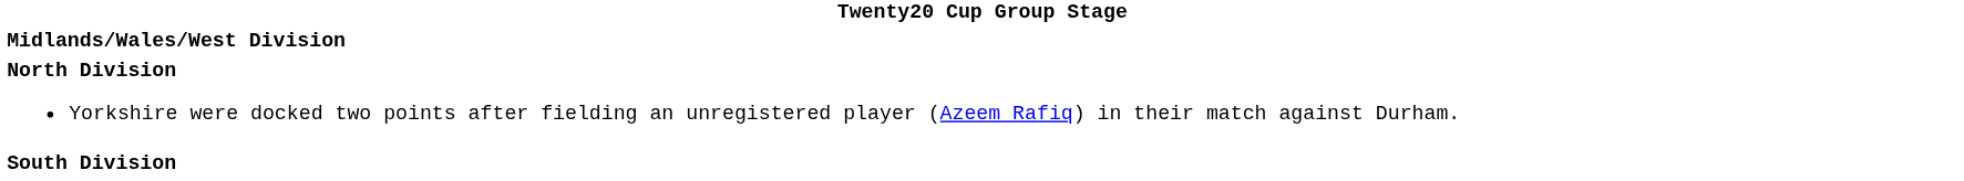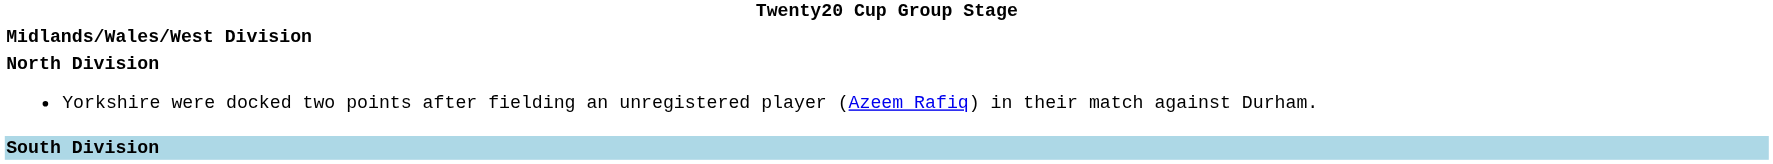 <table class="toccolours collapsible collapsed" width=100%>
 <tr>
 <th colspan="1"><strong>Twenty20 Cup Group Stage</strong></th>
 </tr>
 <tr>
 <td colspan="1"><strong>Midlands/Wales/West Division</strong><br>       </td>
 </tr>
 <tr>
 <td colspan="1"><strong>North Division</strong><br>       <ul><li>Yorkshire were docked two points after fielding an unregistered player (<a href='#'>Azeem Rafiq</a>) in their match against Durham.</li></ul></td>
 </tr>
 <tr>
-<td colspan="1"><strong>South Division</strong><br>       </td>
+<td colspan="1" style="background: lightblue;"><strong>South Division</strong><br>       </td>
 </tr>
 </table>
